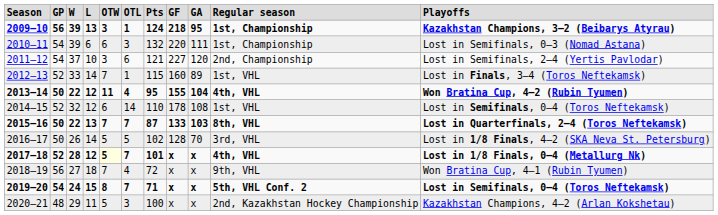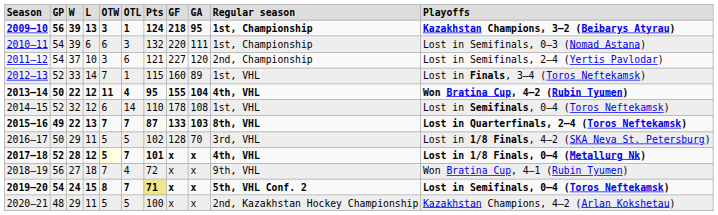 <table class="wikitable">
 <tr style="font-weight:bold; background:#ddd;" |>
 <td>Season</td>
 <td>GP</td>
 <td>W</td>
 <td>L</td>
 <td>OTW</td>
 <td>OTL</td>
 <td>Pts</td>
 <td>GF</td>
 <td>GA</td>
 <td>Regular season</td>
 <td>Playoffs</td>
 </tr>
 <tr style="font-weight:bold">
 <td><a href='#'>2009–10</a></td>
 <td>56</td>
 <td>39</td>
 <td>13</td>
 <td>3</td>
 <td>1</td>
 <td>124</td>
 <td>218</td>
 <td>95</td>
 <td>1st, Championship</td>
 <td><a href='#'>Kazakhstan</a> Champions, 3–2 (<a href='#'>Beibarys Atyrau</a>)</td>
 </tr>
 <tr style="background:#eee;">
 <td><a href='#'>2010–11</a></td>
 <td>54</td>
 <td>39</td>
 <td>6</td>
 <td>6</td>
 <td>3</td>
 <td>132</td>
 <td>220</td>
 <td>111</td>
 <td>1st, Championship</td>
 <td>Lost in Semifinals, 0–3 (<a href='#'>Nomad Astana</a>)</td>
 </tr>
 <tr>
 <td><a href='#'>2011–12</a></td>
 <td>54</td>
 <td>37</td>
 <td>10</td>
 <td>3</td>
 <td>6</td>
 <td>121</td>
 <td>227</td>
 <td>120</td>
 <td>2nd, Championship</td>
 <td>Lost in Semifinals, 2–4 (<a href='#'>Yertis Pavlodar</a>)</td>
 </tr>
 <tr style="background:#eee;">
 <td><a href='#'>2012–13</a></td>
 <td>52</td>
 <td>33</td>
 <td>14</td>
 <td>7</td>
 <td>1</td>
 <td>115</td>
 <td>160</td>
 <td>89</td>
 <td>1st, VHL</td>
 <td>Lost in <strong>Finals</strong>, 3–4 (<a href='#'>Toros Neftekamsk</a>)</td>
 </tr>
 <tr style="font-weight:bold">
 <td>2013–14</td>
 <td>50</td>
 <td>22</td>
 <td>12</td>
 <td>11</td>
 <td>4</td>
 <td>95</td>
 <td>155</td>
 <td>104</td>
 <td>4th, VHL</td>
 <td>Won <a href='#'>Bratina Cup</a>, 4–2 (<a href='#'>Rubin Tyumen</a>)</td>
 </tr>
 <tr style="background:#eee;">
 <td>2014–15</td>
 <td>52</td>
 <td>32</td>
 <td>12</td>
 <td>6</td>
 <td>14</td>
 <td>110</td>
 <td>178</td>
 <td>108</td>
 <td>1st, VHL</td>
 <td>Lost in <strong>Semifinals</strong>, 0–4 (<a href='#'>Toros Neftekamsk</a>)</td>
 </tr>
 <tr style="font-weight:bold">
 <td>2015–16</td>
-<td>50</td>
+<td>49</td>
 <td>22</td>
 <td>13</td>
 <td>7</td>
 <td>7</td>
 <td>87</td>
 <td>133</td>
 <td>103</td>
 <td>8th, VHL</td>
 <td>Lost in Quarterfinals, 2–4 (<a href='#'>Toros Neftekamsk</a>)</td>
 </tr>
 <tr style="background:#eee;">
 <td>2016–17</td>
 <td>50</td>
-<td>26</td>
-<td>14</td>
+<td>29</td>
+<td>11</td>
 <td>5</td>
 <td>5</td>
 <td>102</td>
 <td>128</td>
 <td>70</td>
 <td>3rd, VHL</td>
 <td>Lost in <strong>1/8 Finals</strong>, 4–2 (<a href='#'>SKA Neva St. Petersburg</a>)</td>
 </tr>
 <tr style="font-weight:bold">
 <td>2017–18</td>
 <td>52</td>
 <td>28</td>
 <td>12</td>
 <td style="background: lightyellow;">5</td>
 <td>7</td>
 <td>101</td>
 <td>x</td>
 <td>x</td>
 <td>4th, VHL</td>
 <td>Lost in <strong>1/8 Finals</strong>, 0–4 (<a href='#'>Metallurg Nk</a>)</td>
 </tr>
 <tr style="background:#eee;">
 <td>2018–19</td>
 <td>56</td>
 <td>27</td>
 <td>18</td>
 <td>7</td>
 <td>4</td>
 <td>72</td>
 <td>x</td>
 <td>x</td>
 <td>9th, VHL</td>
 <td>Won <a href='#'>Bratina Cup</a>, 4–1 (<a href='#'>Rubin Tyumen</a>)</td>
 </tr>
 <tr style="font-weight:bold">
 <td>2019–20</td>
 <td>54</td>
 <td>24</td>
 <td>15</td>
 <td>8</td>
 <td>7</td>
-<td>71</td>
+<td style="background: khaki;">71</td>
 <td>x</td>
 <td>x</td>
 <td>5th, VHL Conf. 2</td>
 <td>Lost in <strong>Semifinals</strong>, 0–4 (<a href='#'>Toros Neftekamsk</a>)</td>
 </tr>
 <tr style="background:#eee;">
 <td>2020–21</td>
 <td>48</td>
 <td>29</td>
 <td>11</td>
 <td>5</td>
-<td>3</td>
+<td>5</td>
 <td>100</td>
 <td>x</td>
 <td>x</td>
 <td>2nd, Kazakhstan Hockey Championship</td>
 <td><a href='#'>Kazakhstan</a> Champions, 4–2 (<a href='#'>Arlan Kokshetau</a>)</td>
 </tr>
 </table>
